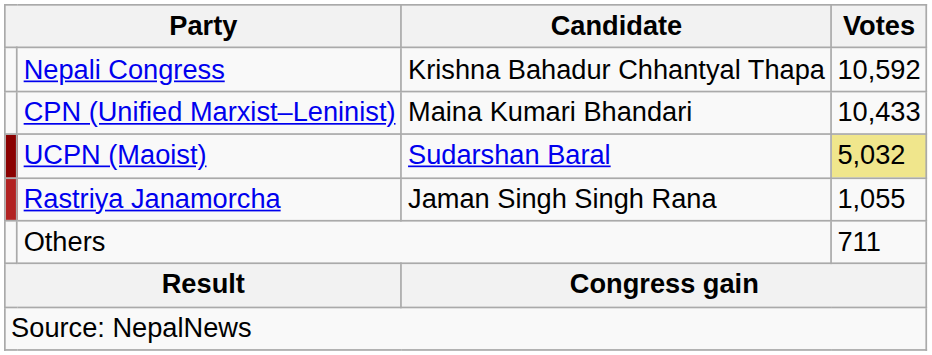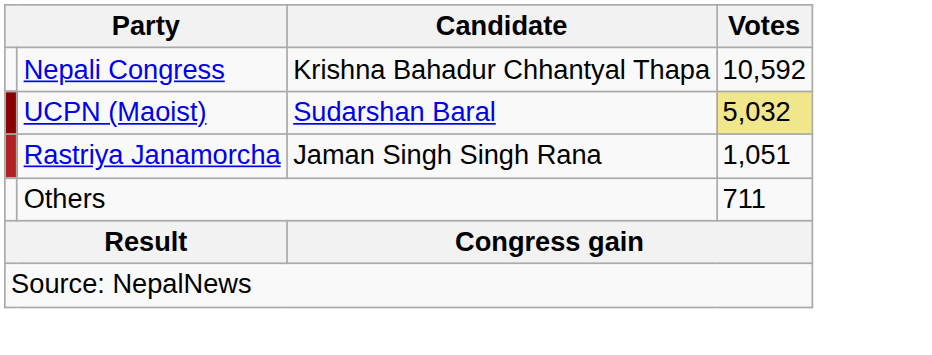 <table class="wikitable">
 <tr>
 <th colspan="2">Party</th>
 <th>Candidate</th>
 <th>Votes</th>
 </tr>
 <tr>
 <td style="background-color:"></td>
 <td><a href='#'>Nepali Congress</a></td>
 <td>Krishna Bahadur Chhantyal Thapa</td>
 <td>10,592</td>
 </tr>
 <tr>
-<td style="background-color:"></td>
-<td><a href='#'>CPN (Unified Marxist–Leninist)</a></td>
-<td>Maina Kumari Bhandari</td>
-<td>10,433</td>
-</tr>
-<tr>
 <td style="background-color:darkred"></td>
 <td><a href='#'>UCPN (Maoist)</a></td>
 <td><a href='#'>Sudarshan Baral</a></td>
 <td style="background: khaki;">5,032</td>
 </tr>
 <tr>
 <td style="background-color:firebrick"></td>
 <td><a href='#'>Rastriya Janamorcha</a></td>
 <td>Jaman Singh Singh Rana</td>
-<td>1,055</td>
+<td>1,051</td>
 </tr>
 <tr>
 <td></td>
 <td colspan="2">Others</td>
 <td>711</td>
 </tr>
 <tr>
 <th colspan="2">Result</th>
 <th colspan="2">Congress gain</th>
 </tr>
 <tr>
 <td colspan="4">Source: NepalNews</td>
 </tr>
 </table>
